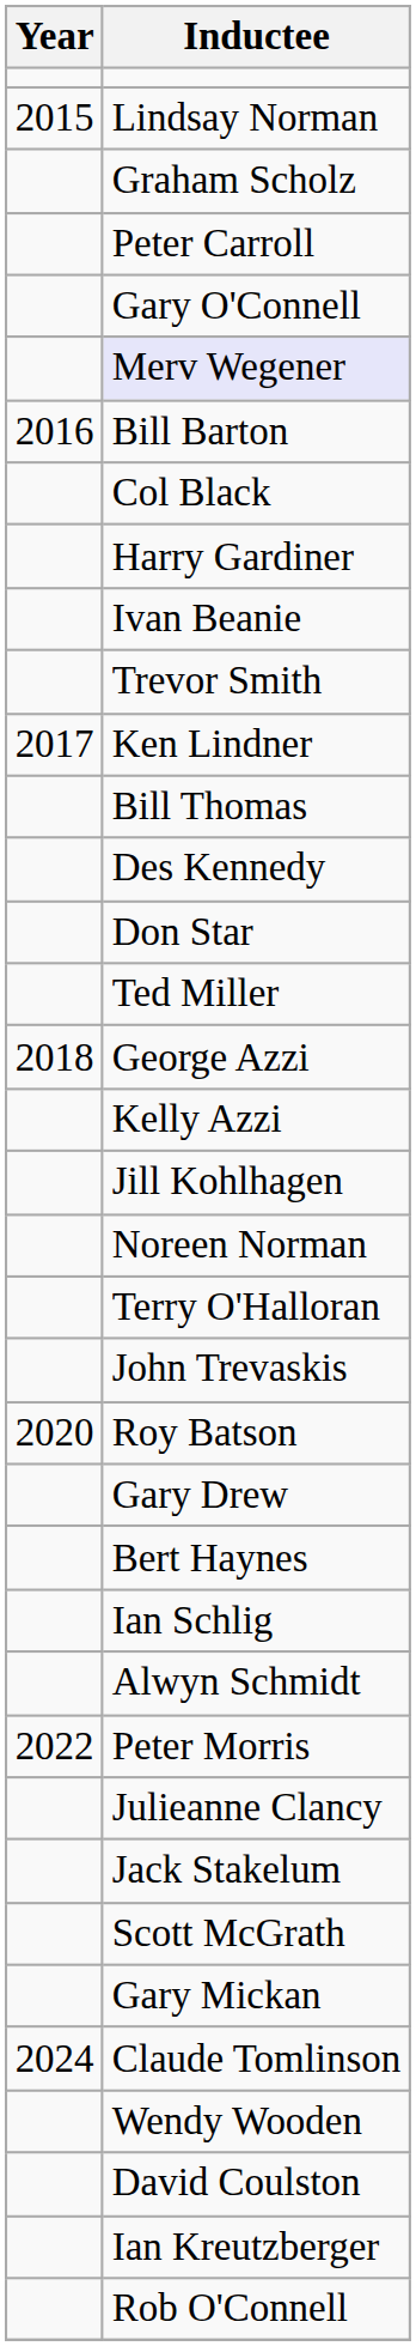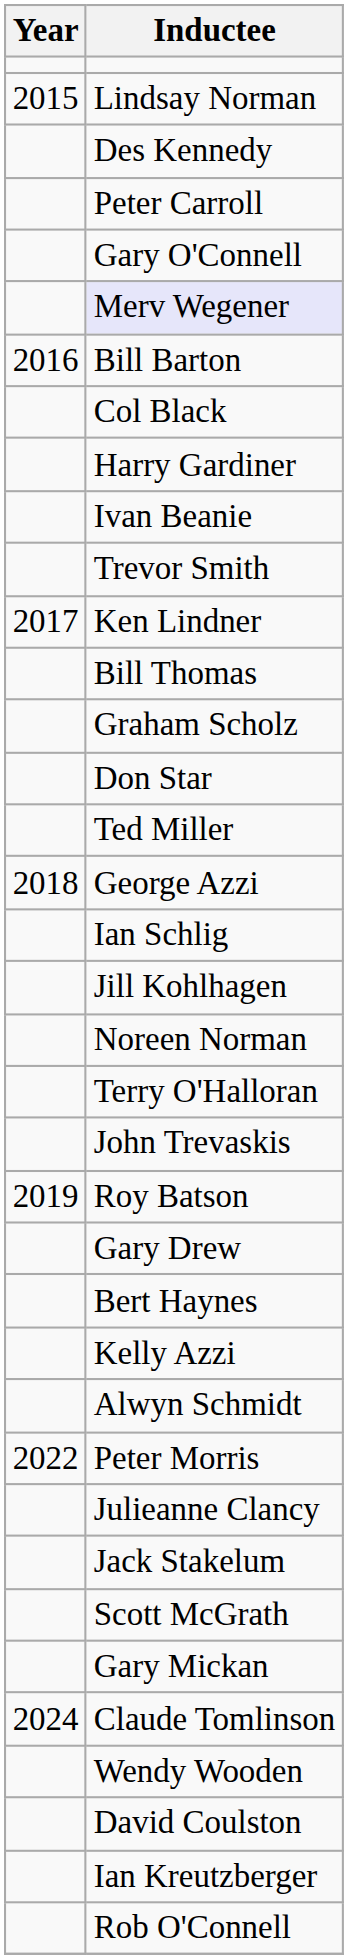 <table class="wikitable collapsible collapsed">
 <tr>
 <th>Year</th>
 <th>Inductee</th>
 </tr>
 <tr>
 <td></td>
 <td></td>
 </tr>
 <tr>
 <td>2015</td>
 <td>Lindsay Norman</td>
 </tr>
 <tr>
 <td></td>
-<td>Graham Scholz</td>
+<td>Des Kennedy</td>
 </tr>
 <tr>
 <td></td>
 <td>Peter Carroll</td>
 </tr>
 <tr>
 <td></td>
 <td>Gary O'Connell</td>
 </tr>
 <tr>
 <td></td>
 <td style="background: lavender;">Merv Wegener</td>
 </tr>
 <tr>
 <td>2016</td>
 <td>Bill Barton</td>
 </tr>
 <tr>
 <td></td>
 <td>Col Black</td>
 </tr>
 <tr>
 <td></td>
 <td>Harry Gardiner</td>
 </tr>
 <tr>
 <td></td>
 <td>Ivan Beanie</td>
 </tr>
 <tr>
 <td></td>
 <td>Trevor Smith</td>
 </tr>
 <tr>
 <td>2017</td>
 <td>Ken Lindner</td>
 </tr>
 <tr>
 <td></td>
 <td>Bill Thomas</td>
 </tr>
 <tr>
 <td></td>
-<td>Des Kennedy</td>
+<td>Graham Scholz</td>
 </tr>
 <tr>
 <td></td>
 <td>Don Star</td>
 </tr>
 <tr>
 <td></td>
 <td>Ted Miller</td>
 </tr>
 <tr>
 <td>2018</td>
 <td>George Azzi</td>
 </tr>
 <tr>
 <td></td>
-<td>Kelly Azzi</td>
+<td>Ian Schlig</td>
 </tr>
 <tr>
 <td></td>
 <td>Jill Kohlhagen</td>
 </tr>
 <tr>
 <td></td>
 <td>Noreen Norman</td>
 </tr>
 <tr>
 <td></td>
 <td>Terry O'Halloran</td>
 </tr>
 <tr>
 <td></td>
 <td>John Trevaskis</td>
 </tr>
 <tr>
-<td>2020</td>
+<td>2019</td>
 <td>Roy Batson</td>
 </tr>
 <tr>
 <td></td>
 <td>Gary Drew</td>
 </tr>
 <tr>
 <td></td>
 <td>Bert Haynes</td>
 </tr>
 <tr>
 <td></td>
-<td>Ian Schlig</td>
+<td>Kelly Azzi</td>
 </tr>
 <tr>
 <td></td>
 <td>Alwyn Schmidt</td>
 </tr>
 <tr>
 <td>2022</td>
 <td>Peter Morris</td>
 </tr>
 <tr>
 <td></td>
 <td>Julieanne Clancy</td>
 </tr>
 <tr>
 <td></td>
 <td>Jack Stakelum</td>
 </tr>
 <tr>
 <td></td>
 <td>Scott McGrath</td>
 </tr>
 <tr>
 <td></td>
 <td>Gary Mickan</td>
 </tr>
 <tr>
 <td>2024</td>
 <td>Claude Tomlinson</td>
 </tr>
 <tr>
 <td></td>
 <td>Wendy Wooden</td>
 </tr>
 <tr>
 <td></td>
 <td>David Coulston</td>
 </tr>
 <tr>
 <td></td>
 <td>Ian Kreutzberger</td>
 </tr>
 <tr>
 <td></td>
 <td>Rob O'Connell</td>
 </tr>
 <tr>
 </tr>
 </table>
